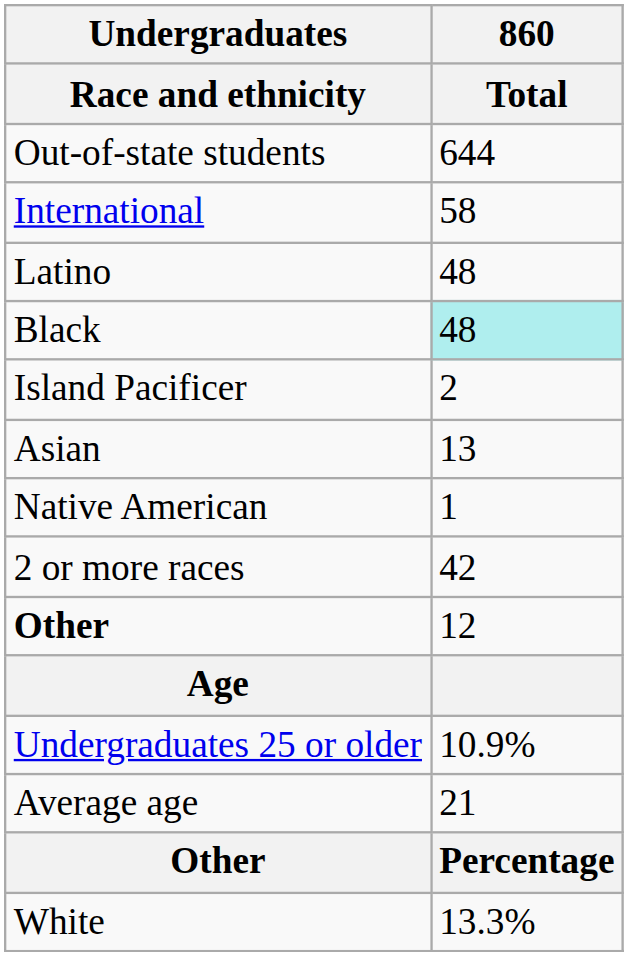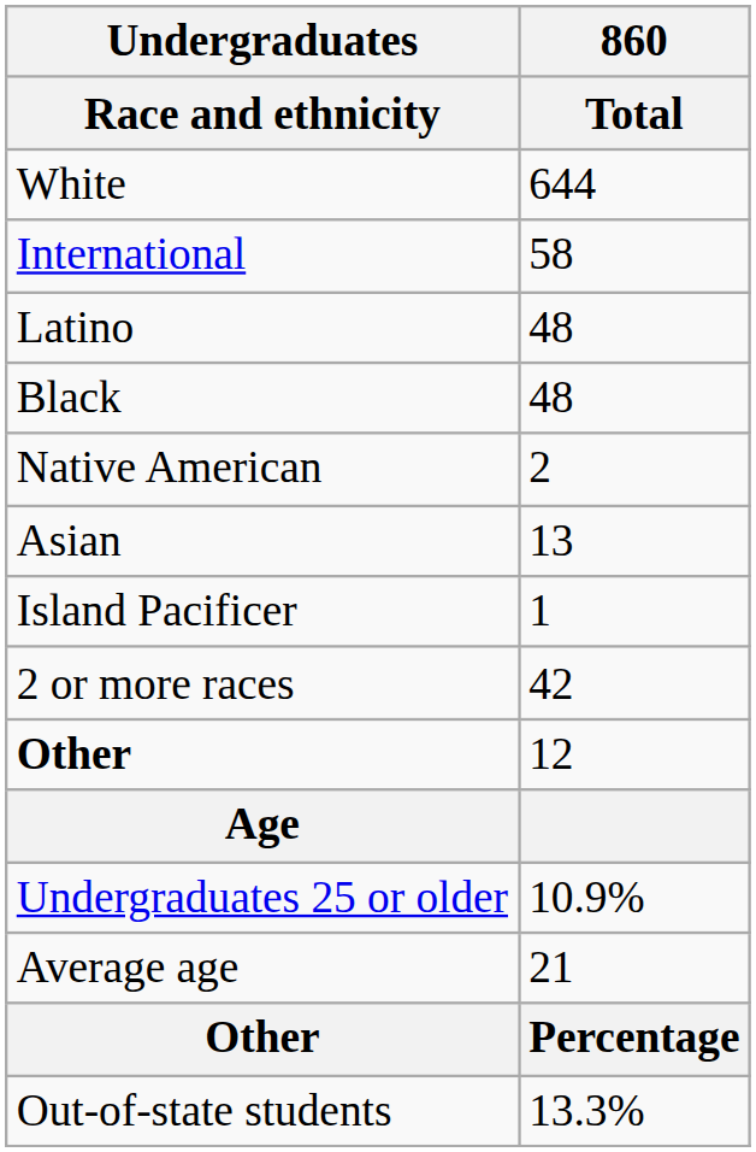 <table class="wikitable floatright sortable collapsible">
 <tr>
 <th>Undergraduates</th>
 <th>860</th>
 </tr>
 <tr>
 <th>Race and ethnicity</th>
 <th>Total</th>
 </tr>
 <tr>
-<td>Out-of-state students</td>
+<td>White</td>
 <td>644</td>
 </tr>
 <tr>
 <td><a href='#'>International</a></td>
 <td>58</td>
 </tr>
 <tr>
 <td>Latino</td>
 <td>48</td>
 </tr>
 <tr>
 <td>Black</td>
-<td style="background: paleturquoise;">48</td>
+<td>48</td>
 </tr>
 <tr>
-<td>Island Pacificer</td>
+<td>Native American</td>
 <td>2</td>
 </tr>
 <tr>
 <td>Asian</td>
 <td>13</td>
 </tr>
 <tr>
-<td>Native American</td>
+<td>Island Pacificer</td>
 <td>1</td>
 </tr>
 <tr>
 <td>2 or more races</td>
 <td>42</td>
 </tr>
 <tr>
 <td><strong>Other</strong></td>
 <td>12</td>
 </tr>
 <tr>
 <th>Age</th>
 <th></th>
 </tr>
 <tr>
 <td><a href='#'>Undergraduates 25 or older</a></td>
 <td>10.9%</td>
 </tr>
 <tr>
 <td>Average age</td>
 <td>21</td>
 </tr>
 <tr>
 <th>Other</th>
 <th>Percentage</th>
 </tr>
 <tr>
-<td>White</td>
+<td>Out-of-state students</td>
 <td>13.3%</td>
 </tr>
 <tr>
 </tr>
 </table>
